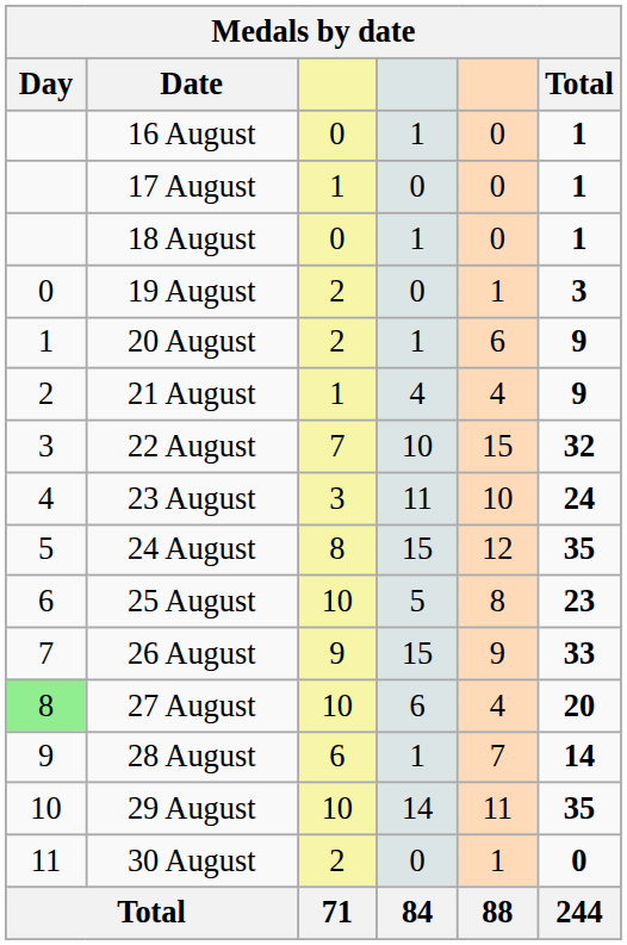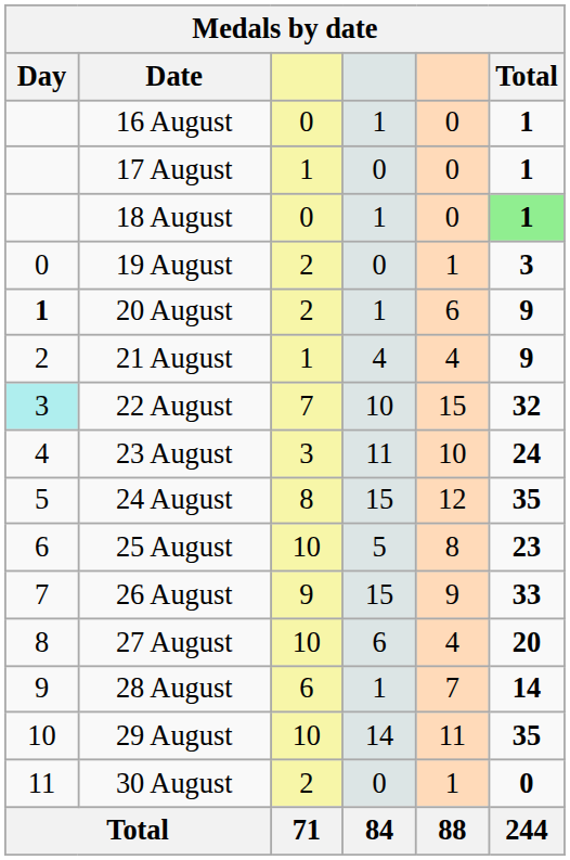 <table class="wikitable" style="font-size:90%; text-align:center;">
 <tr style="background:#efefef;">
 <th colspan=6>Medals by date</th>
 </tr>
 <tr>
 <th width=30>Day</th>
 <th width=90>Date</th>
 <th width=30 style="background:#F7F6A8;"></th>
 <th width=30 style="background:#DCE5E5;"></th>
 <th width=30 style="background:#FFDAB9;"></th>
 <th width=30>Total</th>
 </tr>
 <tr>
 <td></td>
 <td>16 August</td>
 <td style="background:#F7F6A8;">0</td>
 <td style="background:#DCE5E5;">1</td>
 <td style="background:#FFDAB9;">0</td>
 <td><strong>1</strong></td>
 </tr>
 <tr>
 <td></td>
 <td>17 August</td>
 <td style="background:#F7F6A8;">1</td>
 <td style="background:#DCE5E5;">0</td>
 <td style="background:#FFDAB9;">0</td>
 <td><strong>1</strong></td>
 </tr>
 <tr>
 <td></td>
 <td>18 August</td>
 <td style="background:#F7F6A8;">0</td>
 <td style="background:#DCE5E5;">1</td>
 <td style="background:#FFDAB9;">0</td>
-<td><strong>1</strong></td>
+<td style="background: lightgreen;"><strong>1</strong></td>
 </tr>
 <tr>
 <td>0</td>
 <td>19 August</td>
 <td style="background:#F7F6A8;">2</td>
 <td style="background:#DCE5E5;">0</td>
 <td style="background:#FFDAB9;">1</td>
 <td><strong>3</strong></td>
 </tr>
 <tr>
-<td>1</td>
+<td><strong>1</strong></td>
 <td>20 August</td>
 <td style="background:#F7F6A8;">2</td>
 <td style="background:#DCE5E5;">1</td>
 <td style="background:#FFDAB9;">6</td>
 <td><strong>9</strong></td>
 </tr>
 <tr>
 <td>2</td>
 <td>21 August</td>
 <td style="background:#F7F6A8;">1</td>
 <td style="background:#DCE5E5;">4</td>
 <td style="background:#FFDAB9;">4</td>
 <td><strong>9</strong></td>
 </tr>
 <tr>
-<td>3</td>
+<td style="background: paleturquoise;">3</td>
 <td>22 August</td>
 <td style="background:#F7F6A8;">7</td>
 <td style="background:#DCE5E5;">10</td>
 <td style="background:#FFDAB9;">15</td>
 <td><strong>32</strong></td>
 </tr>
 <tr>
 <td>4</td>
 <td>23 August</td>
 <td style="background:#F7F6A8;">3</td>
 <td style="background:#DCE5E5;">11</td>
 <td style="background:#FFDAB9;">10</td>
 <td><strong>24</strong></td>
 </tr>
 <tr>
 <td>5</td>
 <td>24 August</td>
 <td style="background:#F7F6A8;">8</td>
 <td style="background:#DCE5E5;">15</td>
 <td style="background:#FFDAB9;">12</td>
 <td><strong>35</strong></td>
 </tr>
 <tr>
 <td>6</td>
 <td>25 August</td>
 <td style="background:#F7F6A8;">10</td>
 <td style="background:#DCE5E5;">5</td>
 <td style="background:#FFDAB9;">8</td>
 <td><strong>23</strong></td>
 </tr>
 <tr>
 <td>7</td>
 <td>26 August</td>
 <td style="background:#F7F6A8;">9</td>
 <td style="background:#DCE5E5;">15</td>
 <td style="background:#FFDAB9;">9</td>
 <td><strong>33</strong></td>
 </tr>
 <tr>
-<td style="background: lightgreen;">8</td>
+<td>8</td>
 <td>27 August</td>
 <td style="background:#F7F6A8;">10</td>
 <td style="background:#DCE5E5;">6</td>
 <td style="background:#FFDAB9;">4</td>
 <td><strong>20</strong></td>
 </tr>
 <tr>
 <td>9</td>
 <td>28 August</td>
 <td style="background:#F7F6A8;">6</td>
 <td style="background:#DCE5E5;">1</td>
 <td style="background:#FFDAB9;">7</td>
 <td><strong>14</strong></td>
 </tr>
 <tr>
 <td>10</td>
 <td>29 August</td>
 <td style="background:#F7F6A8;">10</td>
 <td style="background:#DCE5E5;">14</td>
 <td style="background:#FFDAB9;">11</td>
 <td><strong>35</strong></td>
 </tr>
 <tr>
 <td>11</td>
 <td>30 August</td>
 <td style="background:#F7F6A8;">2</td>
 <td style="background:#DCE5E5;">0</td>
 <td style="background:#FFDAB9;">1</td>
 <td><strong>0</strong></td>
 </tr>
 <tr>
 <th colspan="2">Total</th>
 <th>71</th>
 <th>84</th>
 <th>88</th>
 <th>244</th>
 </tr>
 </table>
